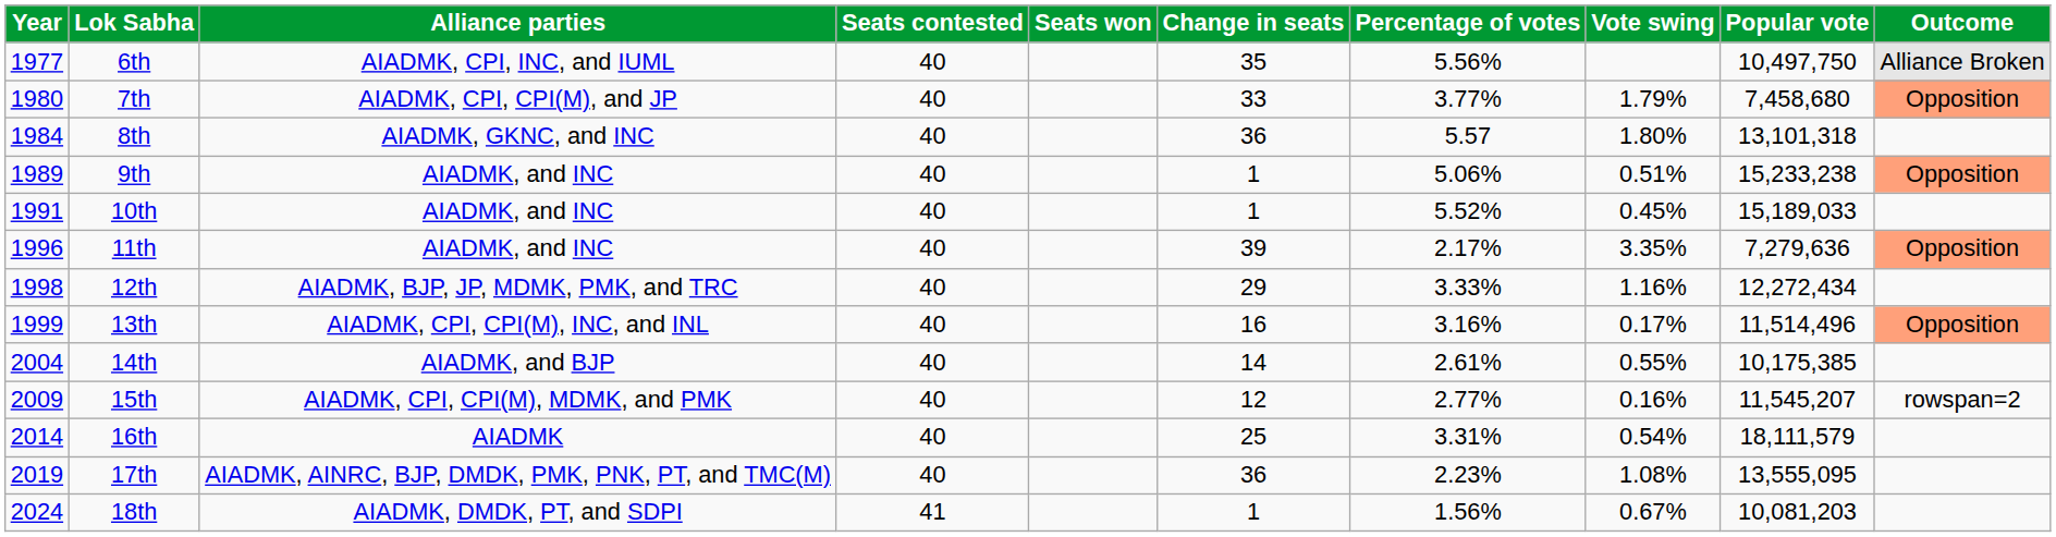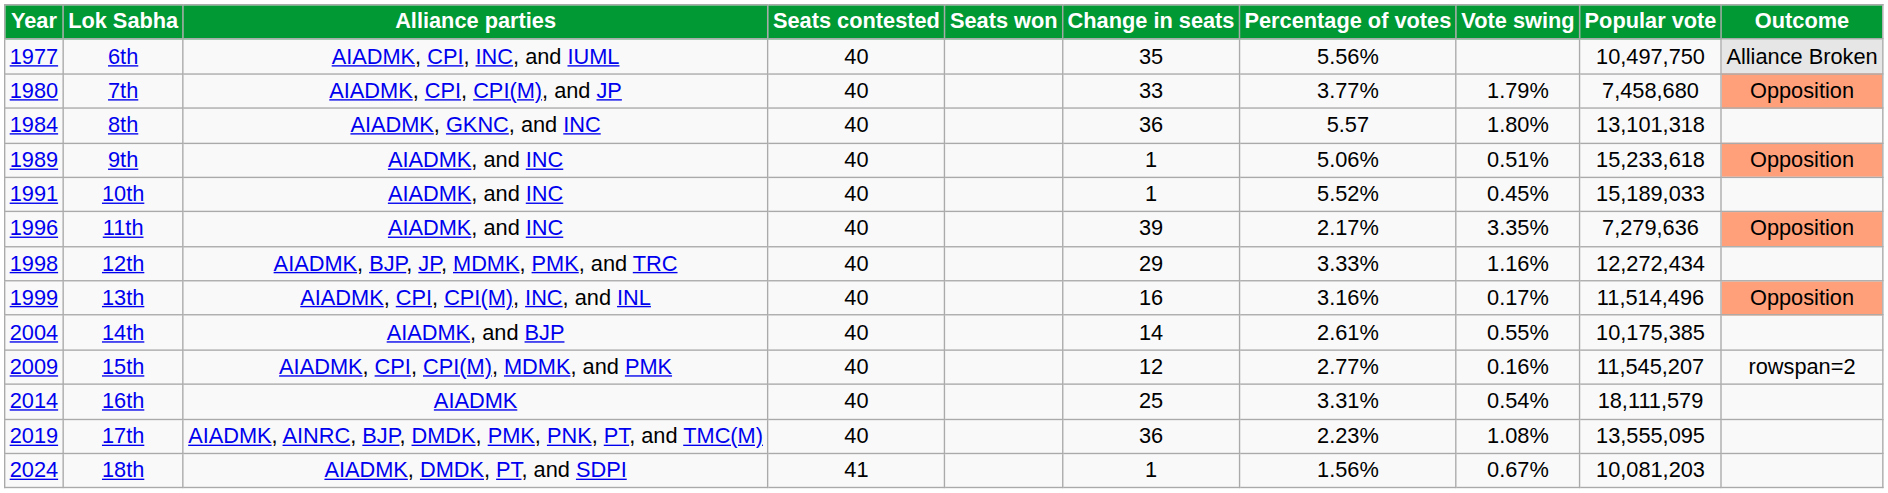 <table class="wikitable sortable" style="text-align:center;">
 <tr>
 <th style="background-color:#009933;color:white">Year</th>
 <th style="background-color:#009933;color:white">Lok Sabha</th>
 <th style="background-color:#009933;color:white">Alliance parties</th>
 <th style="background-color:#009933;color:white">Seats contested</th>
 <th style="background-color:#009933;color:white">Seats won</th>
 <th style="background-color:#009933;color:white">Change in seats</th>
 <th style="background-color:#009933;color:white">Percentage of votes</th>
 <th style="background-color:#009933;color:white">Vote swing</th>
 <th style="background-color:#009933;color:white">Popular vote</th>
 <th style="background-color:#009933;color:white">Outcome</th>
 </tr>
 <tr>
 <td><a href='#'>1977</a></td>
 <td><a href='#'>6th</a></td>
 <td><a href='#'>AIADMK</a>, <a href='#'>CPI</a>, <a href='#'>INC</a>, and <a href='#'>IUML</a></td>
 <td>40</td>
 <td></td>
 <td> 35</td>
 <td>5.56%</td>
 <td></td>
 <td>10,497,750</td>
 <td style="background:#E6E6E6;">Alliance Broken</td>
 </tr>
 <tr>
 <td><a href='#'>1980</a></td>
 <td><a href='#'>7th</a></td>
 <td><a href='#'>AIADMK</a>, <a href='#'>CPI</a>, <a href='#'>CPI(M)</a>, and <a href='#'>JP</a></td>
 <td>40</td>
 <td></td>
 <td> 33</td>
 <td>3.77%</td>
 <td> 1.79%</td>
 <td>7,458,680</td>
 <td style="background:#FFA07A;">Opposition</td>
 </tr>
 <tr>
 <td><a href='#'>1984</a></td>
 <td><a href='#'>8th</a></td>
 <td><a href='#'>AIADMK</a>, <a href='#'>GKNC</a>, and <a href='#'>INC</a></td>
 <td>40</td>
 <td></td>
 <td> 36</td>
 <td>5.57</td>
 <td> 1.80%</td>
 <td>13,101,318</td>
 <td></td>
 </tr>
 <tr>
 <td><a href='#'>1989</a></td>
 <td><a href='#'>9th</a></td>
 <td><a href='#'>AIADMK</a>, and <a href='#'>INC</a></td>
 <td>40</td>
 <td></td>
 <td> 1</td>
 <td>5.06%</td>
 <td> 0.51%</td>
-<td>15,233,238</td>
+<td>15,233,618</td>
 <td style="background:#FFA07A;">Opposition</td>
 </tr>
 <tr>
 <td><a href='#'>1991</a></td>
 <td><a href='#'>10th</a></td>
 <td><a href='#'>AIADMK</a>, and <a href='#'>INC</a></td>
 <td>40</td>
 <td></td>
 <td> 1</td>
 <td>5.52%</td>
 <td> 0.45%</td>
 <td>15,189,033</td>
 <td></td>
 </tr>
 <tr>
 <td><a href='#'>1996</a></td>
 <td><a href='#'>11th</a></td>
 <td><a href='#'>AIADMK</a>, and <a href='#'>INC</a></td>
 <td>40</td>
 <td></td>
 <td> 39</td>
 <td>2.17%</td>
 <td> 3.35%</td>
 <td>7,279,636</td>
 <td style="background:#FFA07A;">Opposition</td>
 </tr>
 <tr>
 <td><a href='#'>1998</a></td>
 <td><a href='#'>12th</a></td>
 <td><a href='#'>AIADMK</a>, <a href='#'>BJP</a>, <a href='#'>JP</a>, <a href='#'>MDMK</a>, <a href='#'>PMK</a>, and <a href='#'>TRC</a></td>
 <td>40</td>
 <td></td>
 <td> 29</td>
 <td>3.33%</td>
 <td> 1.16%</td>
 <td>12,272,434</td>
 <td></td>
 </tr>
 <tr>
 <td><a href='#'>1999</a></td>
 <td><a href='#'>13th</a></td>
 <td><a href='#'>AIADMK</a>, <a href='#'>CPI</a>, <a href='#'>CPI(M)</a>, <a href='#'>INC</a>, and <a href='#'>INL</a></td>
 <td>40</td>
 <td></td>
 <td> 16</td>
 <td>3.16%</td>
 <td> 0.17%</td>
 <td>11,514,496</td>
 <td style="background:#FFA07A;">Opposition</td>
 </tr>
 <tr>
 <td><a href='#'>2004</a></td>
 <td><a href='#'>14th</a></td>
 <td><a href='#'>AIADMK</a>, and <a href='#'>BJP</a></td>
 <td>40</td>
 <td></td>
 <td> 14</td>
 <td>2.61%</td>
 <td> 0.55%</td>
 <td>10,175,385</td>
 <td></td>
 </tr>
 <tr>
 <td><a href='#'>2009</a></td>
 <td><a href='#'>15th</a></td>
 <td><a href='#'>AIADMK</a>, <a href='#'>CPI</a>, <a href='#'>CPI(M)</a>, <a href='#'>MDMK</a>, and <a href='#'>PMK</a></td>
 <td>40</td>
 <td></td>
 <td> 12</td>
 <td>2.77%</td>
 <td> 0.16%</td>
 <td>11,545,207</td>
 <td>rowspan=2 </td>
 </tr>
 <tr>
 <td><a href='#'>2014</a></td>
 <td><a href='#'>16th</a></td>
 <td><a href='#'>AIADMK</a></td>
 <td>40</td>
 <td></td>
 <td> 25</td>
 <td>3.31%</td>
 <td> 0.54%</td>
 <td>18,111,579</td>
 </tr>
 <tr>
 <td><a href='#'>2019</a></td>
 <td><a href='#'>17th</a></td>
 <td><a href='#'>AIADMK</a>, <a href='#'>AINRC</a>, <a href='#'>BJP</a>, <a href='#'>DMDK</a>, <a href='#'>PMK</a>, <a href='#'>PNK</a>, <a href='#'>PT</a>, and <a href='#'>TMC(M)</a></td>
 <td>40</td>
 <td></td>
 <td> 36</td>
 <td>2.23%</td>
 <td> 1.08%</td>
 <td>13,555,095</td>
 <td></td>
 </tr>
 <tr>
 <td><a href='#'>2024</a></td>
 <td><a href='#'>18th</a></td>
 <td><a href='#'>AIADMK</a>, <a href='#'>DMDK</a>, <a href='#'>PT</a>, and <a href='#'>SDPI</a></td>
 <td>41</td>
 <td></td>
 <td> 1</td>
 <td>1.56%</td>
 <td> 0.67%</td>
 <td>10,081,203</td>
 <td></td>
 </tr>
 </table>
